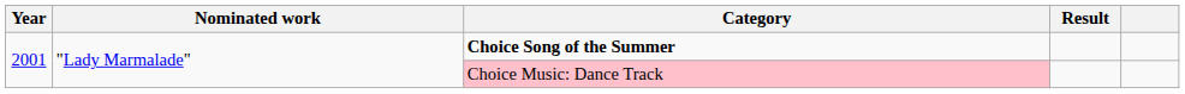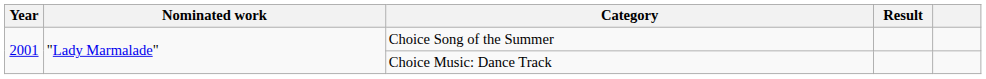 <table class="wikitable plainrowheaders" style="width:85%;">
 <tr>
 <th scope="col" style="width:4%;">Year</th>
 <th scope="col" style="width:35%;">Nominated work</th>
 <th scope="col" style="width:50%;">Category</th>
 <th scope="col" style="width:6%;">Result</th>
 <th scope="col" style="width:6%;"></th>
 </tr>
 <tr>
 <td rowspan="2" align="center"><a href='#'>2001</a></td>
 <td rowspan="2">"<a href='#'>Lady Marmalade</a>"</td>
-<td><strong>Choice Song of the Summer</strong></td>
+<td>Choice Song of the Summer</td>
 <td></td>
 <td></td>
 </tr>
 <tr>
-<td style="background: pink;">Choice Music: Dance Track</td>
+<td>Choice Music: Dance Track</td>
 <td></td>
 <td></td>
 </tr>
 </table>
